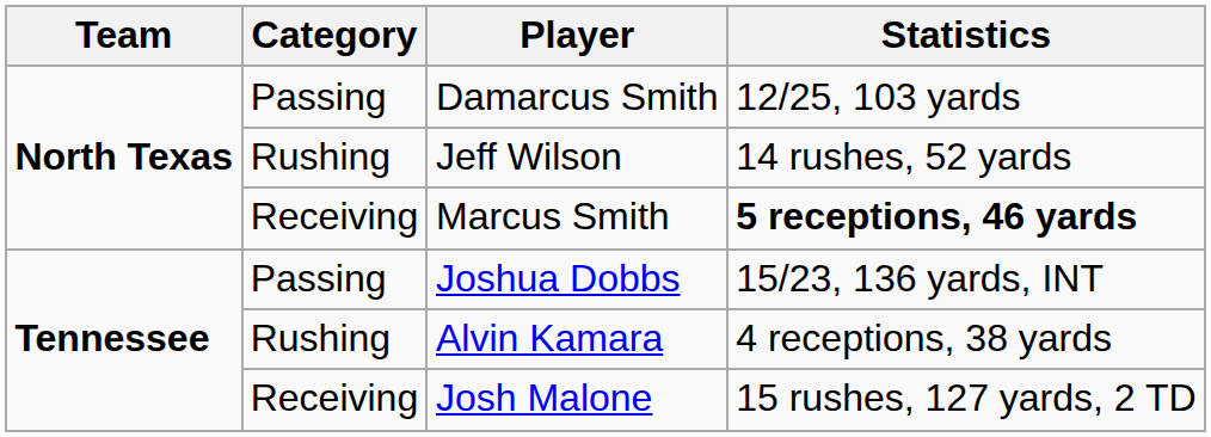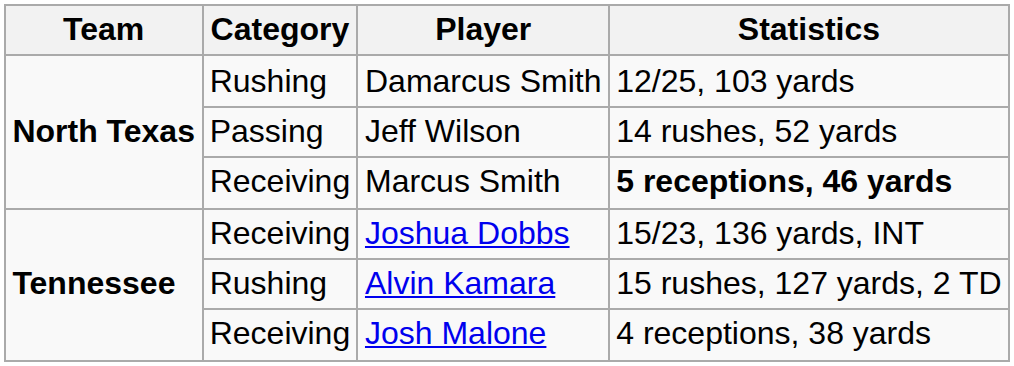 <table class="wikitable" style="float: left;">
 <tr>
 <th>Team</th>
 <th>Category</th>
 <th>Player</th>
 <th>Statistics</th>
 </tr>
 <tr>
 <td rowspan=3><strong>North Texas</strong></td>
-<td>Passing</td>
+<td>Rushing</td>
 <td>Damarcus Smith</td>
 <td>12/25, 103 yards</td>
 </tr>
 <tr>
-<td>Rushing</td>
+<td>Passing</td>
 <td>Jeff Wilson</td>
 <td>14 rushes, 52 yards</td>
 </tr>
 <tr>
 <td>Receiving</td>
 <td>Marcus Smith</td>
 <td><strong>5 receptions, 46 yards</strong></td>
 </tr>
 <tr>
 <td rowspan=3><strong>Tennessee</strong></td>
-<td>Passing</td>
+<td>Receiving</td>
 <td><a href='#'>Joshua Dobbs</a></td>
 <td>15/23, 136 yards, INT</td>
 </tr>
 <tr>
 <td>Rushing</td>
 <td><a href='#'>Alvin Kamara</a></td>
-<td>4 receptions, 38 yards</td>
+<td>15 rushes, 127 yards, 2 TD</td>
 </tr>
 <tr>
 <td>Receiving</td>
 <td><a href='#'>Josh Malone</a></td>
-<td>15 rushes, 127 yards, 2 TD</td>
+<td>4 receptions, 38 yards</td>
 </tr>
 </table>
